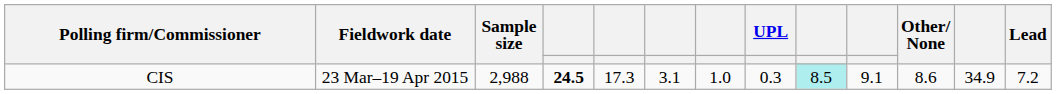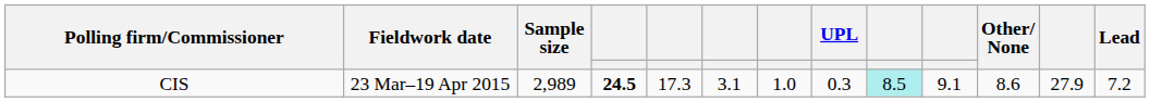 <table class="wikitable collapsible collapsed" style="text-align:center; font-size:90%; line-height:14px;">
 <tr style="height:42px;">
 <th style="width:250px;" rowspan="2">Polling firm/Commissioner</th>
 <th style="width:125px;" rowspan="2">Fieldwork date</th>
 <th style="width:50px;" rowspan="2">Sample size</th>
 <th style="width:35px;"></th>
 <th style="width:35px;"></th>
 <th style="width:35px;"></th>
 <th style="width:35px;"></th>
 <th style="width:35px;"><a href='#'>UPL</a></th>
 <th style="width:35px;"></th>
 <th style="width:35px;"></th>
 <th style="width:35px;" rowspan="2">Other/<br>None</th>
 <th style="width:35px;" rowspan="2"></th>
 <th style="width:30px;" rowspan="2">Lead</th>
 </tr>
 <tr>
 <th style="color:inherit;background:"></th>
 <th style="color:inherit;background:"></th>
 <th style="color:inherit;background:"></th>
 <th style="color:inherit;background:"></th>
 <th style="color:inherit;background:"></th>
 <th style="color:inherit;background:"></th>
 <th style="color:inherit;background:"></th>
 </tr>
 <tr>
 <td>CIS</td>
 <td>23 Mar–19 Apr 2015</td>
-<td>2,988</td>
+<td>2,989</td>
 <td><strong>24.5</strong></td>
 <td>17.3</td>
 <td>3.1</td>
 <td>1.0</td>
 <td>0.3</td>
 <td style="background: paleturquoise;">8.5</td>
 <td>9.1</td>
 <td>8.6</td>
-<td>34.9</td>
+<td>27.9</td>
 <td style="background:">7.2</td>
 </tr>
 </table>
